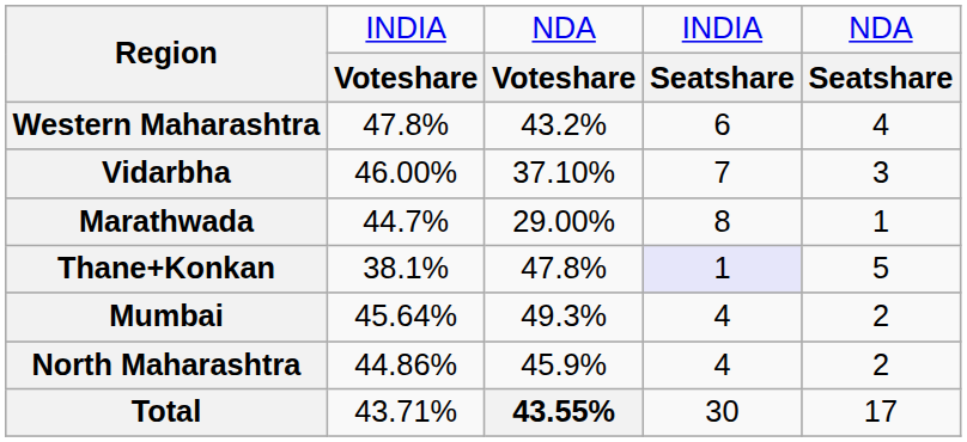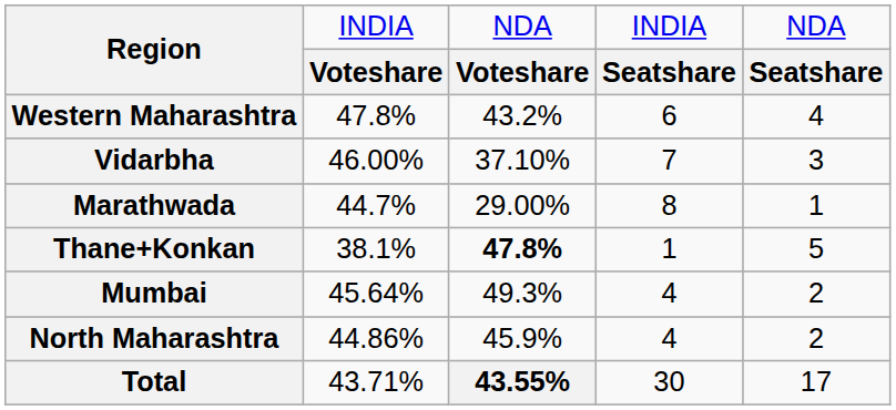 <table class="wikitable sortable" style="text-align:center;">
 <tr>
 <th rowspan="2"><strong>Region</strong></th>
 <td style="background:"><a href='#'>INDIA</a></td>
 <td style="background:"><a href='#'>NDA</a></td>
 <td style="background:"><a href='#'>INDIA</a></td>
 <td style="background:"><a href='#'>NDA</a></td>
 </tr>
 <tr>
 <th><strong>Voteshare</strong></th>
 <th><strong>Voteshare</strong></th>
 <th><strong>Seatshare</strong></th>
 <th><strong>Seatshare</strong></th>
 </tr>
 <tr>
 <th>Western Maharashtra</th>
 <td style="background:">47.8%</td>
 <td>43.2%</td>
 <td style="background:">6</td>
 <td>4</td>
 </tr>
 <tr>
 <th>Vidarbha</th>
 <td style="background:">46.00%</td>
 <td>37.10%</td>
 <td style="background:">7</td>
 <td>3</td>
 </tr>
 <tr>
 <th>Marathwada</th>
 <td style="background:">44.7%</td>
 <td>29.00%</td>
 <td style="background:">8</td>
 <td>1</td>
 </tr>
 <tr>
 <th>Thane+Konkan</th>
 <td>38.1%</td>
-<td style="background:">47.8%</td>
-<td style="background: lavender;">1</td>
+<td style="background:"><strong>47.8%</strong></td>
+<td>1</td>
 <td style="background:">5</td>
 </tr>
 <tr>
 <th>Mumbai</th>
 <td>45.64%</td>
 <td style="background:">49.3%</td>
 <td style="background:">4</td>
 <td>2</td>
 </tr>
 <tr>
 <th>North Maharashtra</th>
 <td>44.86%</td>
 <td style="background:">45.9%</td>
 <td style="background:">4</td>
 <td>2</td>
 </tr>
 <tr>
 <th><strong>Total</strong></th>
 <td style="background:">43.71%</td>
 <th>43.55%</th>
 <td style="background:">30</td>
 <td>17</td>
 </tr>
 </table>
